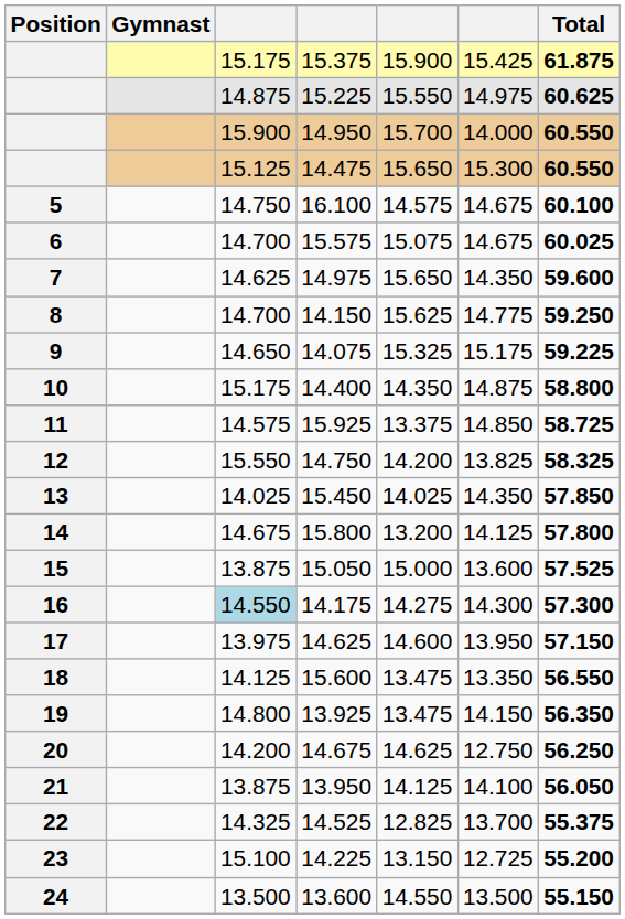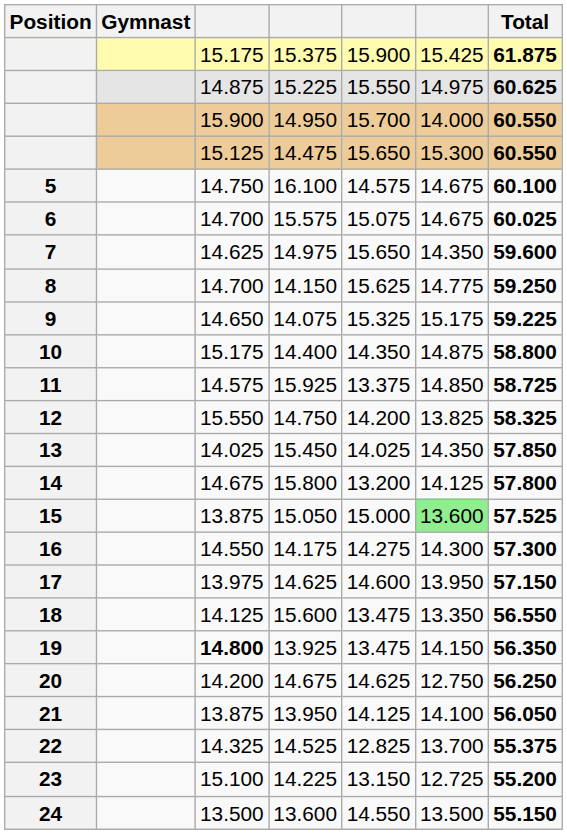 <table class="wikitable sortable" style="text-align:center; font-size:95%">
 <tr>
 <th scope=col>Position</th>
 <th scope=col>Gymnast</th>
 <th scope=col></th>
 <th scope=col></th>
 <th scope=col></th>
 <th scope=col></th>
 <th scope=col>Total</th>
 </tr>
 <tr bgcolor=fffcaf>
 <th scope=row></th>
 <td align=left></td>
 <td>15.175</td>
 <td>15.375</td>
 <td>15.900</td>
 <td>15.425</td>
 <td><strong>61.875</strong></td>
 </tr>
 <tr bgcolor=e5e5e5>
 <th scope=row></th>
 <td align=left></td>
 <td>14.875</td>
 <td>15.225</td>
 <td>15.550</td>
 <td>14.975</td>
 <td><strong>60.625</strong></td>
 </tr>
 <tr bgcolor=eecc99>
 <th scope=row></th>
 <td align=left></td>
 <td>15.900</td>
 <td>14.950</td>
 <td>15.700</td>
 <td>14.000</td>
 <td><strong>60.550</strong></td>
 </tr>
 <tr bgcolor=eecc99>
 <th scope=row></th>
 <td align=left></td>
 <td>15.125</td>
 <td>14.475</td>
 <td>15.650</td>
 <td>15.300</td>
 <td><strong>60.550</strong></td>
 </tr>
 <tr>
 <th scope=row>5</th>
 <td align=left></td>
 <td>14.750</td>
 <td>16.100</td>
 <td>14.575</td>
 <td>14.675</td>
 <td><strong>60.100</strong></td>
 </tr>
 <tr>
 <th scope=row>6</th>
 <td align=left></td>
 <td>14.700</td>
 <td>15.575</td>
 <td>15.075</td>
 <td>14.675</td>
 <td><strong>60.025</strong></td>
 </tr>
 <tr>
 <th scope=row>7</th>
 <td align=left></td>
 <td>14.625</td>
 <td>14.975</td>
 <td>15.650</td>
 <td>14.350</td>
 <td><strong>59.600</strong></td>
 </tr>
 <tr>
 <th scope=row>8</th>
 <td align=left></td>
 <td>14.700</td>
 <td>14.150</td>
 <td>15.625</td>
 <td>14.775</td>
 <td><strong>59.250</strong></td>
 </tr>
 <tr>
 <th scope=row>9</th>
 <td align=left></td>
 <td>14.650</td>
 <td>14.075</td>
 <td>15.325</td>
 <td>15.175</td>
 <td><strong>59.225</strong></td>
 </tr>
 <tr>
 <th scope=row>10</th>
 <td align=left></td>
 <td>15.175</td>
 <td>14.400</td>
 <td>14.350</td>
 <td>14.875</td>
 <td><strong>58.800</strong></td>
 </tr>
 <tr>
 <th scope=row>11</th>
 <td align=left></td>
 <td>14.575</td>
 <td>15.925</td>
 <td>13.375</td>
 <td>14.850</td>
 <td><strong>58.725</strong></td>
 </tr>
 <tr>
 <th scope=row>12</th>
 <td align=left></td>
 <td>15.550</td>
 <td>14.750</td>
 <td>14.200</td>
 <td>13.825</td>
 <td><strong>58.325</strong></td>
 </tr>
 <tr>
 <th scope=row>13</th>
 <td align=left></td>
 <td>14.025</td>
 <td>15.450</td>
 <td>14.025</td>
 <td>14.350</td>
 <td><strong>57.850</strong></td>
 </tr>
 <tr>
 <th scope=row>14</th>
 <td align=left></td>
 <td>14.675</td>
 <td>15.800</td>
 <td>13.200</td>
 <td>14.125</td>
 <td><strong>57.800</strong></td>
 </tr>
 <tr>
 <th scope=row>15</th>
 <td align=left></td>
 <td>13.875</td>
 <td>15.050</td>
 <td>15.000</td>
-<td>13.600</td>
+<td style="background: lightgreen;">13.600</td>
 <td><strong>57.525</strong></td>
 </tr>
 <tr>
 <th scope=row>16</th>
 <td align=left></td>
-<td style="background: lightblue;">14.550</td>
+<td>14.550</td>
 <td>14.175</td>
 <td>14.275</td>
 <td>14.300</td>
 <td><strong>57.300</strong></td>
 </tr>
 <tr>
 <th scope=row>17</th>
 <td align=left></td>
 <td>13.975</td>
 <td>14.625</td>
 <td>14.600</td>
 <td>13.950</td>
 <td><strong>57.150</strong></td>
 </tr>
 <tr>
 <th scope=row>18</th>
 <td align=left></td>
 <td>14.125</td>
 <td>15.600</td>
 <td>13.475</td>
 <td>13.350</td>
 <td><strong>56.550</strong></td>
 </tr>
 <tr>
 <th scope=row>19</th>
 <td align=left></td>
-<td>14.800</td>
+<td><strong>14.800</strong></td>
 <td>13.925</td>
 <td>13.475</td>
 <td>14.150</td>
 <td><strong>56.350</strong></td>
 </tr>
 <tr>
 <th scope=row>20</th>
 <td align=left></td>
 <td>14.200</td>
 <td>14.675</td>
 <td>14.625</td>
 <td>12.750</td>
 <td><strong>56.250</strong></td>
 </tr>
 <tr>
 <th scope=row>21</th>
 <td align=left></td>
 <td>13.875</td>
 <td>13.950</td>
 <td>14.125</td>
 <td>14.100</td>
 <td><strong>56.050</strong></td>
 </tr>
 <tr>
 <th scope=row>22</th>
 <td align=left></td>
 <td>14.325</td>
 <td>14.525</td>
 <td>12.825</td>
 <td>13.700</td>
 <td><strong>55.375</strong></td>
 </tr>
 <tr>
 <th scope=row>23</th>
 <td align=left></td>
 <td>15.100</td>
 <td>14.225</td>
 <td>13.150</td>
 <td>12.725</td>
 <td><strong>55.200</strong></td>
 </tr>
 <tr>
 <th scope=row>24</th>
 <td align=left></td>
 <td>13.500</td>
 <td>13.600</td>
 <td>14.550</td>
 <td>13.500</td>
 <td><strong>55.150</strong></td>
 </tr>
 <tr>
 </tr>
 </table>
